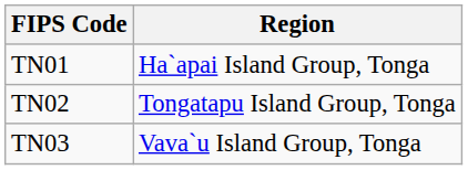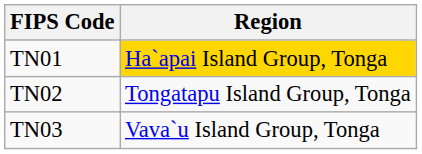 <table class="wikitable">
 <tr>
 <th>FIPS Code</th>
 <th>Region</th>
 </tr>
 <tr>
 <td>TN01</td>
-<td><a href='#'>Ha`apai</a> Island Group, Tonga</td>
+<td style="background: gold;"><a href='#'>Ha`apai</a> Island Group, Tonga</td>
 </tr>
 <tr>
 <td>TN02</td>
 <td><a href='#'>Tongatapu</a> Island Group, Tonga</td>
 </tr>
 <tr>
 <td>TN03</td>
 <td><a href='#'>Vava`u</a> Island Group, Tonga</td>
 </tr>
 </table>
